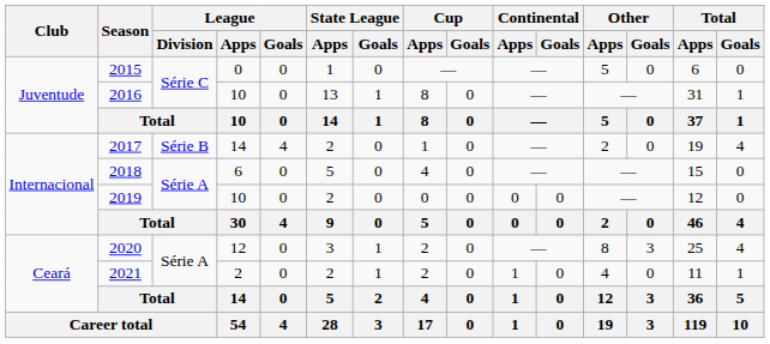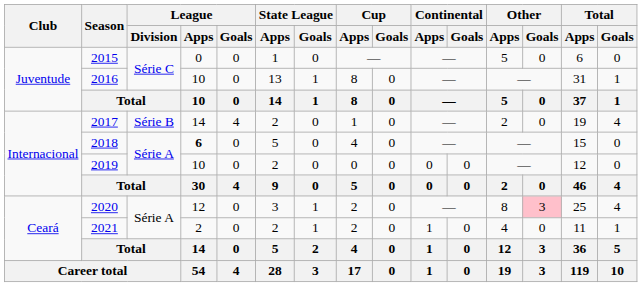 <table class="wikitable" style="text-align: center;">
 <tr>
 <th rowspan="2">Club</th>
 <th rowspan="2">Season</th>
 <th colspan="3">League</th>
 <th colspan="2">State League</th>
 <th colspan="2">Cup</th>
 <th colspan="2">Continental</th>
 <th colspan="2">Other</th>
 <th colspan="2">Total</th>
 </tr>
 <tr>
 <th>Division</th>
 <th>Apps</th>
 <th>Goals</th>
 <th>Apps</th>
 <th>Goals</th>
 <th>Apps</th>
 <th>Goals</th>
 <th>Apps</th>
 <th>Goals</th>
 <th>Apps</th>
 <th>Goals</th>
 <th>Apps</th>
 <th>Goals</th>
 </tr>
 <tr>
 <td rowspan="3" valign="center"><a href='#'>Juventude</a></td>
 <td><a href='#'>2015</a></td>
 <td rowspan="2"><a href='#'>Série C</a></td>
 <td>0</td>
 <td>0</td>
 <td>1</td>
 <td>0</td>
 <td colspan="2">—</td>
 <td colspan="2">—</td>
 <td>5</td>
 <td>0</td>
 <td>6</td>
 <td>0</td>
 </tr>
 <tr>
 <td><a href='#'>2016</a></td>
 <td>10</td>
 <td>0</td>
 <td>13</td>
 <td>1</td>
 <td>8</td>
 <td>0</td>
 <td colspan="2">—</td>
 <td colspan="2">—</td>
 <td>31</td>
 <td>1</td>
 </tr>
 <tr>
 <th colspan="2">Total</th>
 <th>10</th>
 <th>0</th>
 <th>14</th>
 <th>1</th>
 <th>8</th>
 <th>0</th>
 <th colspan="2">—</th>
 <th>5</th>
 <th>0</th>
 <th>37</th>
 <th>1</th>
 </tr>
 <tr>
 <td rowspan="4" valign="center"><a href='#'>Internacional</a></td>
 <td><a href='#'>2017</a></td>
 <td><a href='#'>Série B</a></td>
 <td>14</td>
 <td>4</td>
 <td>2</td>
 <td>0</td>
 <td>1</td>
 <td>0</td>
 <td colspan="2">—</td>
 <td>2</td>
 <td>0</td>
 <td>19</td>
 <td>4</td>
 </tr>
 <tr>
 <td><a href='#'>2018</a></td>
 <td rowspan="2"><a href='#'>Série A</a></td>
-<td>6</td>
+<td><strong>6</strong></td>
 <td>0</td>
 <td>5</td>
 <td>0</td>
 <td>4</td>
 <td>0</td>
 <td colspan="2">—</td>
 <td colspan="2">—</td>
 <td>15</td>
 <td>0</td>
 </tr>
 <tr>
 <td><a href='#'>2019</a></td>
 <td>10</td>
 <td>0</td>
 <td>2</td>
 <td>0</td>
 <td>0</td>
 <td>0</td>
 <td>0</td>
 <td>0</td>
 <td colspan="2">—</td>
 <td>12</td>
 <td>0</td>
 </tr>
 <tr>
 <th colspan="2">Total</th>
 <th>30</th>
 <th>4</th>
 <th>9</th>
 <th>0</th>
 <th>5</th>
 <th>0</th>
 <th>0</th>
 <th>0</th>
 <th>2</th>
 <th>0</th>
 <th>46</th>
 <th>4</th>
 </tr>
 <tr>
 <td rowspan="3" valign="center"><a href='#'>Ceará</a></td>
 <td><a href='#'>2020</a></td>
 <td rowspan="2">Série A</td>
 <td>12</td>
 <td>0</td>
 <td>3</td>
 <td>1</td>
 <td>2</td>
 <td>0</td>
 <td colspan="2">—</td>
 <td>8</td>
-<td>3</td>
+<td style="background: pink;">3</td>
 <td>25</td>
 <td>4</td>
 </tr>
 <tr>
 <td><a href='#'>2021</a></td>
 <td>2</td>
 <td>0</td>
 <td>2</td>
 <td>1</td>
 <td>2</td>
 <td>0</td>
 <td>1</td>
 <td>0</td>
 <td>4</td>
 <td>0</td>
 <td>11</td>
 <td>1</td>
 </tr>
 <tr>
 <th colspan="2">Total</th>
 <th>14</th>
 <th>0</th>
 <th>5</th>
 <th>2</th>
 <th>4</th>
 <th>0</th>
 <th>1</th>
 <th>0</th>
 <th>12</th>
 <th>3</th>
 <th>36</th>
 <th>5</th>
 </tr>
 <tr>
 <th colspan="3"><strong>Career total</strong></th>
 <th>54</th>
 <th>4</th>
 <th>28</th>
 <th>3</th>
 <th>17</th>
 <th>0</th>
 <th>1</th>
 <th>0</th>
 <th>19</th>
 <th>3</th>
 <th>119</th>
 <th>10</th>
 </tr>
 </table>
